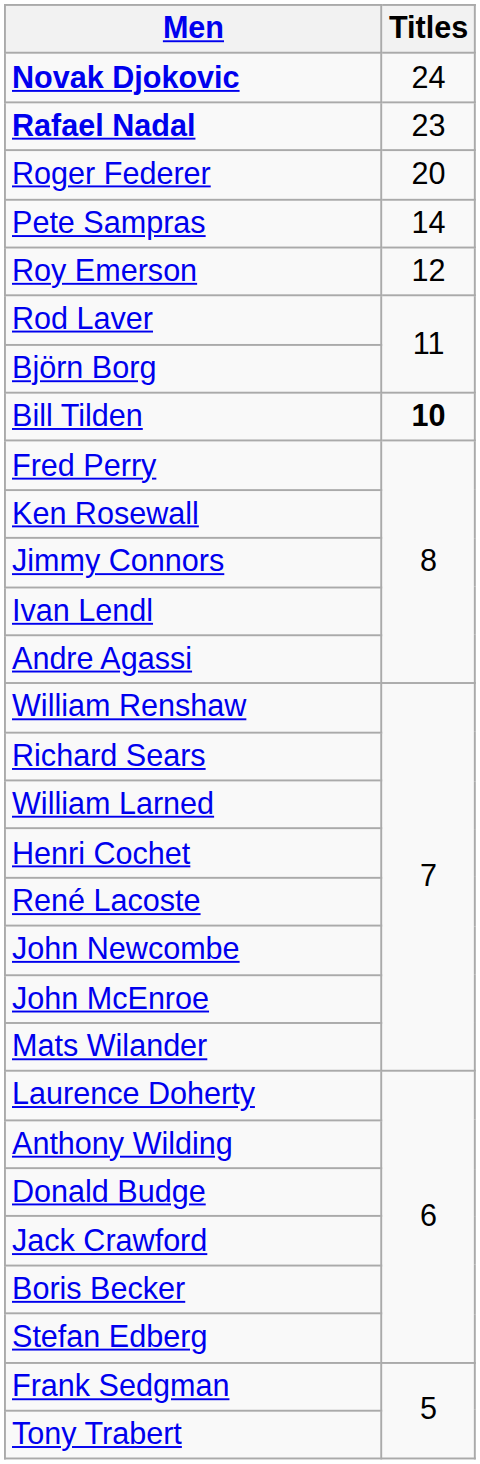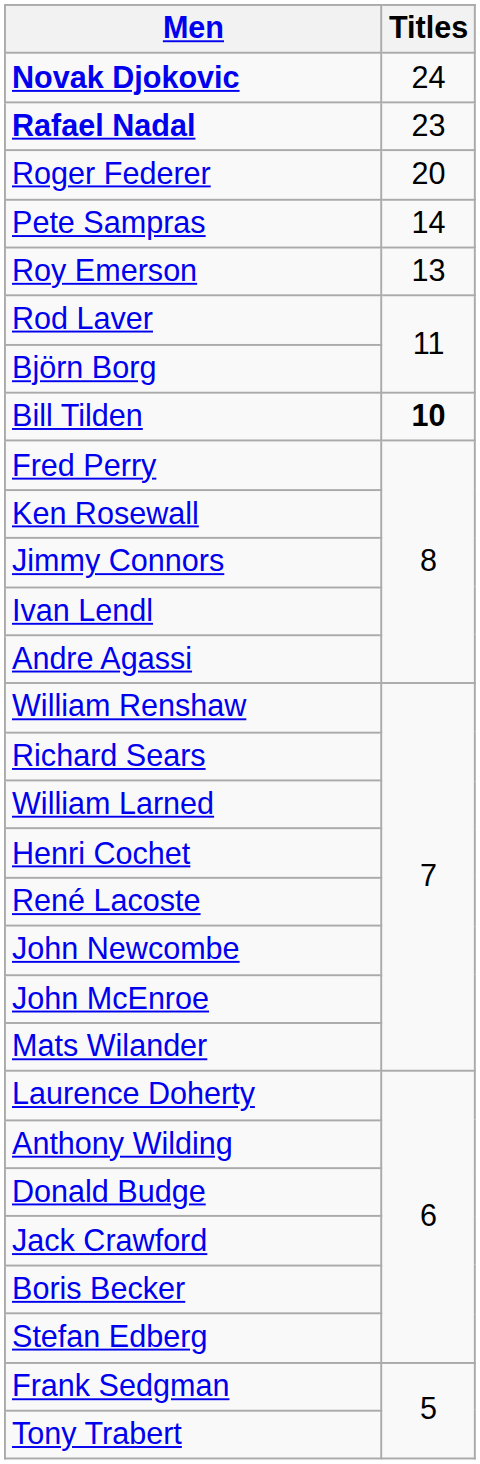 <table class="wikitable">
 <tr>
 <th width=190><a href='#'>Men</a></th>
 <th>Titles</th>
 </tr>
 <tr>
 <td> <strong><a href='#'>Novak Djokovic</a></strong></td>
 <td style="text-align:center;">24</td>
 </tr>
 <tr>
 <td> <strong><a href='#'>Rafael Nadal</a></strong></td>
 <td style="text-align:center;">23</td>
 </tr>
 <tr>
 <td> <a href='#'>Roger Federer</a></td>
 <td style="text-align:center;">20</td>
 </tr>
 <tr>
 <td> <a href='#'>Pete Sampras</a></td>
 <td style="text-align:center;">14</td>
 </tr>
 <tr>
 <td> <a href='#'>Roy Emerson</a></td>
-<td style="text-align:center;">12</td>
+<td style="text-align:center;">13</td>
 </tr>
 <tr>
 <td> <a href='#'>Rod Laver</a></td>
 <td style="text-align:center;" rowspan = 2>11</td>
 </tr>
 <tr>
 <td> <a href='#'>Björn Borg</a></td>
 </tr>
 <tr>
 <td> <a href='#'>Bill Tilden</a></td>
 <td style="text-align:center;"><strong>10</strong></td>
 </tr>
 <tr>
 <td> <a href='#'>Fred Perry</a></td>
 <td style="text-align:center;" rowspan = 5>8</td>
 </tr>
 <tr>
 <td> <a href='#'>Ken Rosewall</a></td>
 </tr>
 <tr>
 <td> <a href='#'>Jimmy Connors</a></td>
 </tr>
 <tr>
 <td> <a href='#'>Ivan Lendl</a></td>
 </tr>
 <tr>
 <td> <a href='#'>Andre Agassi</a></td>
 </tr>
 <tr>
 <td> <a href='#'>William Renshaw</a></td>
 <td style="text-align:center;" rowspan = 8>7</td>
 </tr>
 <tr>
 <td> <a href='#'>Richard Sears</a></td>
 </tr>
 <tr>
 <td> <a href='#'>William Larned</a></td>
 </tr>
 <tr>
 <td> <a href='#'>Henri Cochet</a></td>
 </tr>
 <tr>
 <td> <a href='#'>René Lacoste</a></td>
 </tr>
 <tr>
 <td> <a href='#'>John Newcombe</a></td>
 </tr>
 <tr>
 <td> <a href='#'>John McEnroe</a></td>
 </tr>
 <tr>
 <td> <a href='#'>Mats Wilander</a></td>
 </tr>
 <tr>
 <td> <a href='#'>Laurence Doherty</a></td>
 <td style="text-align:center;" rowspan = 6>6</td>
 </tr>
 <tr>
 <td> <a href='#'>Anthony Wilding</a></td>
 </tr>
 <tr>
 <td> <a href='#'>Donald Budge</a></td>
 </tr>
 <tr>
 <td> <a href='#'>Jack Crawford</a></td>
 </tr>
 <tr>
 <td> <a href='#'>Boris Becker</a></td>
 </tr>
 <tr>
 <td> <a href='#'>Stefan Edberg</a></td>
 </tr>
 <tr>
 <td> <a href='#'>Frank Sedgman</a></td>
 <td style="text-align:center;" rowspan = 2>5</td>
 </tr>
 <tr>
 <td> <a href='#'>Tony Trabert</a></td>
 </tr>
 </table>
